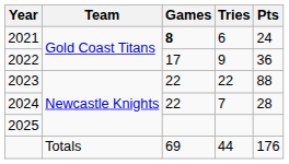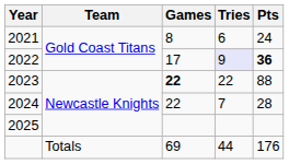 <table class="wikitable">
 <tr>
 <th>Year</th>
 <th>Team</th>
 <th>Games</th>
 <th>Tries</th>
 <th>Pts</th>
 </tr>
 <tr>
 <td>2021</td>
 <td rowspan="2"> <a href='#'>Gold Coast Titans</a></td>
-<td><strong>8</strong></td>
+<td>8</td>
 <td>6</td>
 <td>24</td>
 </tr>
 <tr>
 <td>2022</td>
 <td>17</td>
-<td>9</td>
-<td>36</td>
+<td style="background: lavender;">9</td>
+<td><strong>36</strong></td>
 </tr>
 <tr>
 <td>2023</td>
 <td rowspan="3"> <a href='#'>Newcastle Knights</a></td>
-<td>22</td>
+<td><strong>22</strong></td>
 <td>22</td>
 <td>88</td>
 </tr>
 <tr>
 <td>2024</td>
 <td>22</td>
 <td>7</td>
 <td>28</td>
 </tr>
 <tr>
 <td>2025</td>
 <td></td>
 <td></td>
 <td></td>
 </tr>
 <tr>
 <td></td>
 <td>Totals</td>
 <td>69</td>
 <td>44</td>
 <td>176</td>
 </tr>
 </table>
